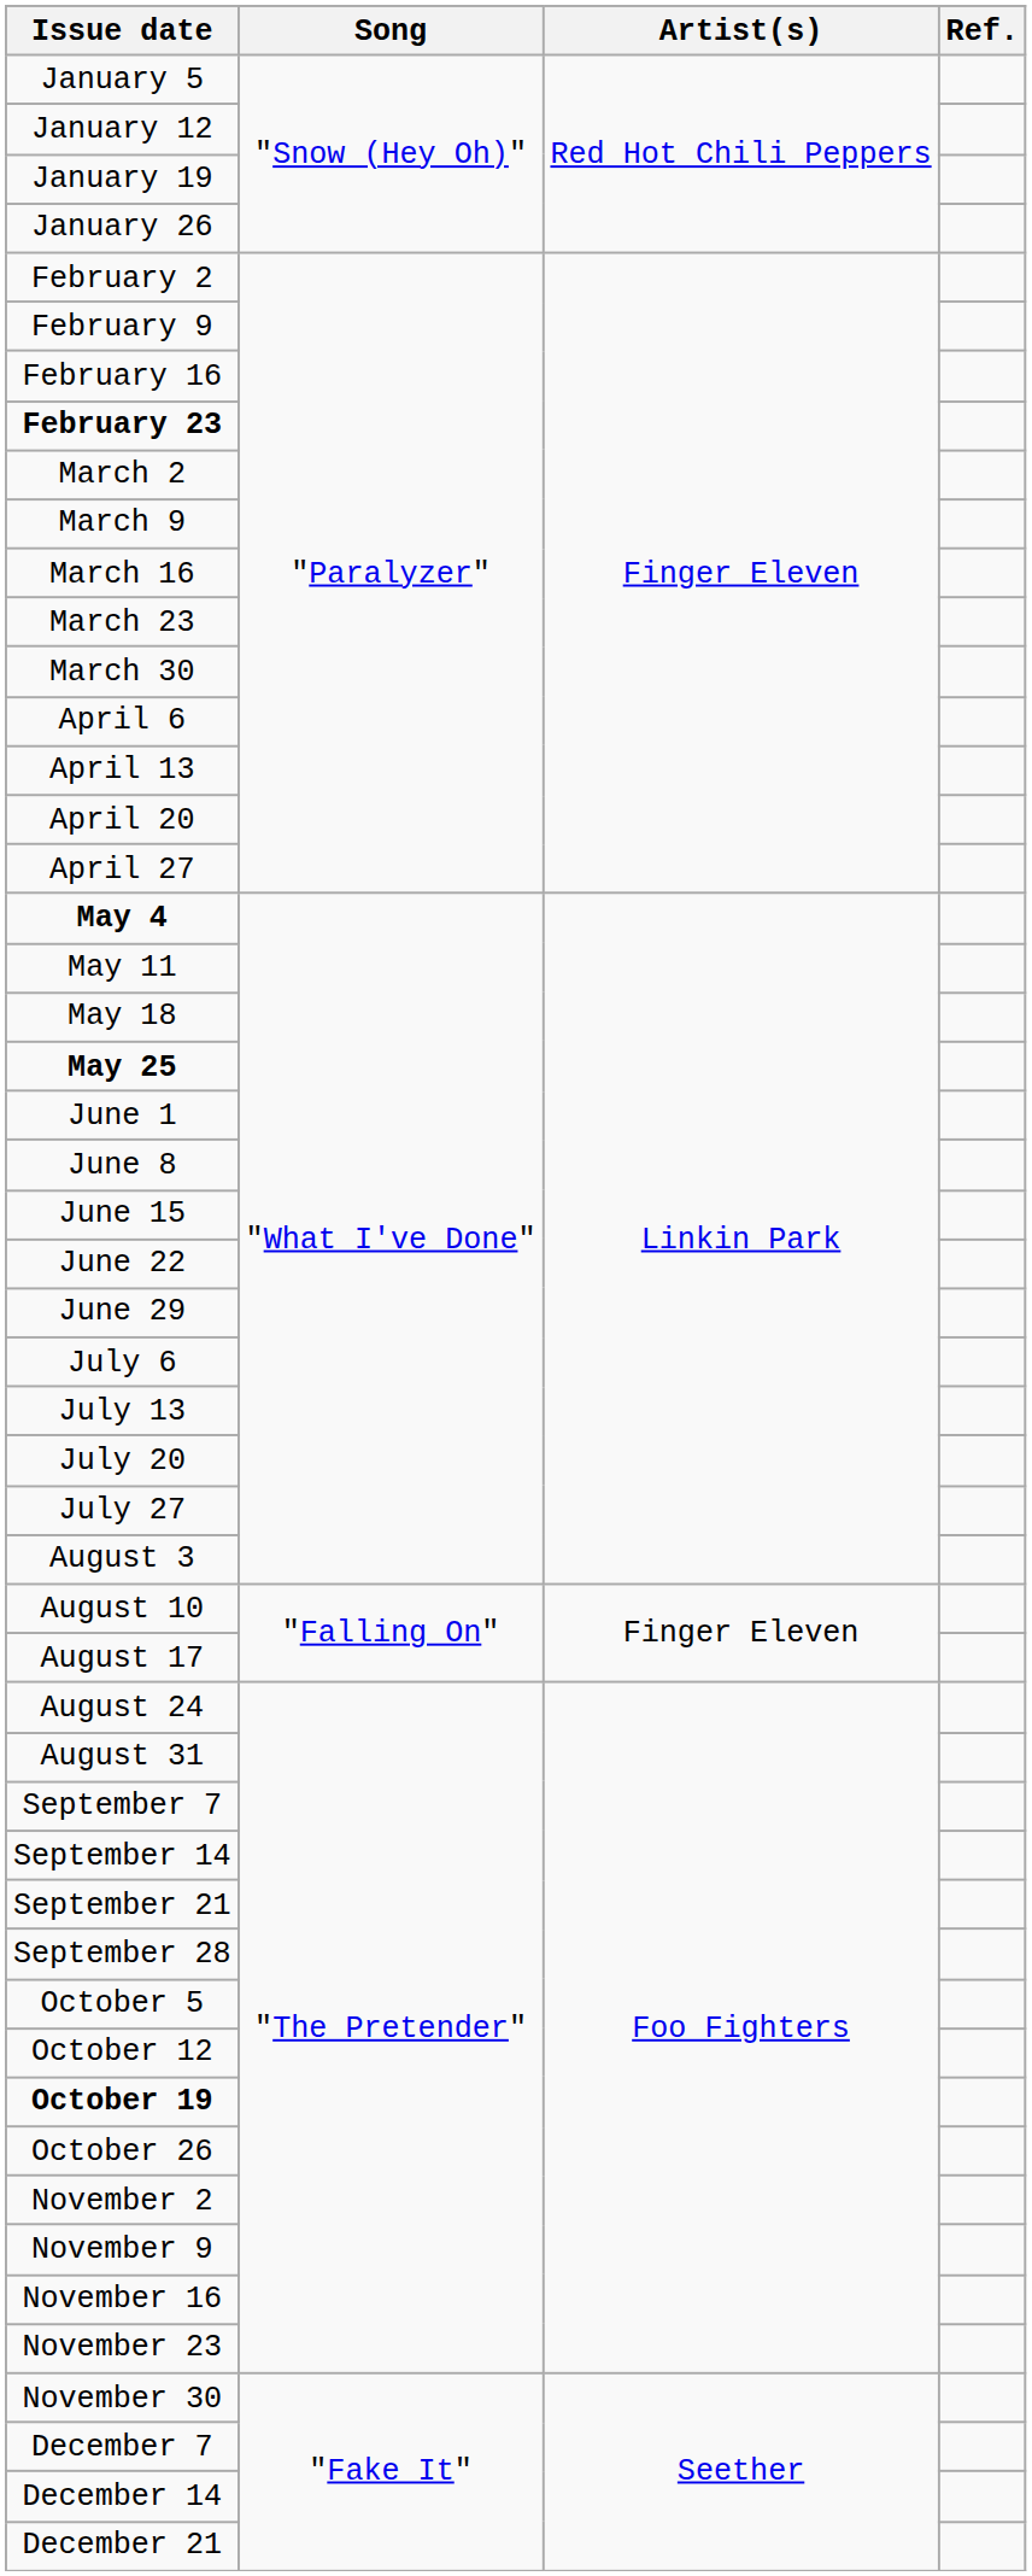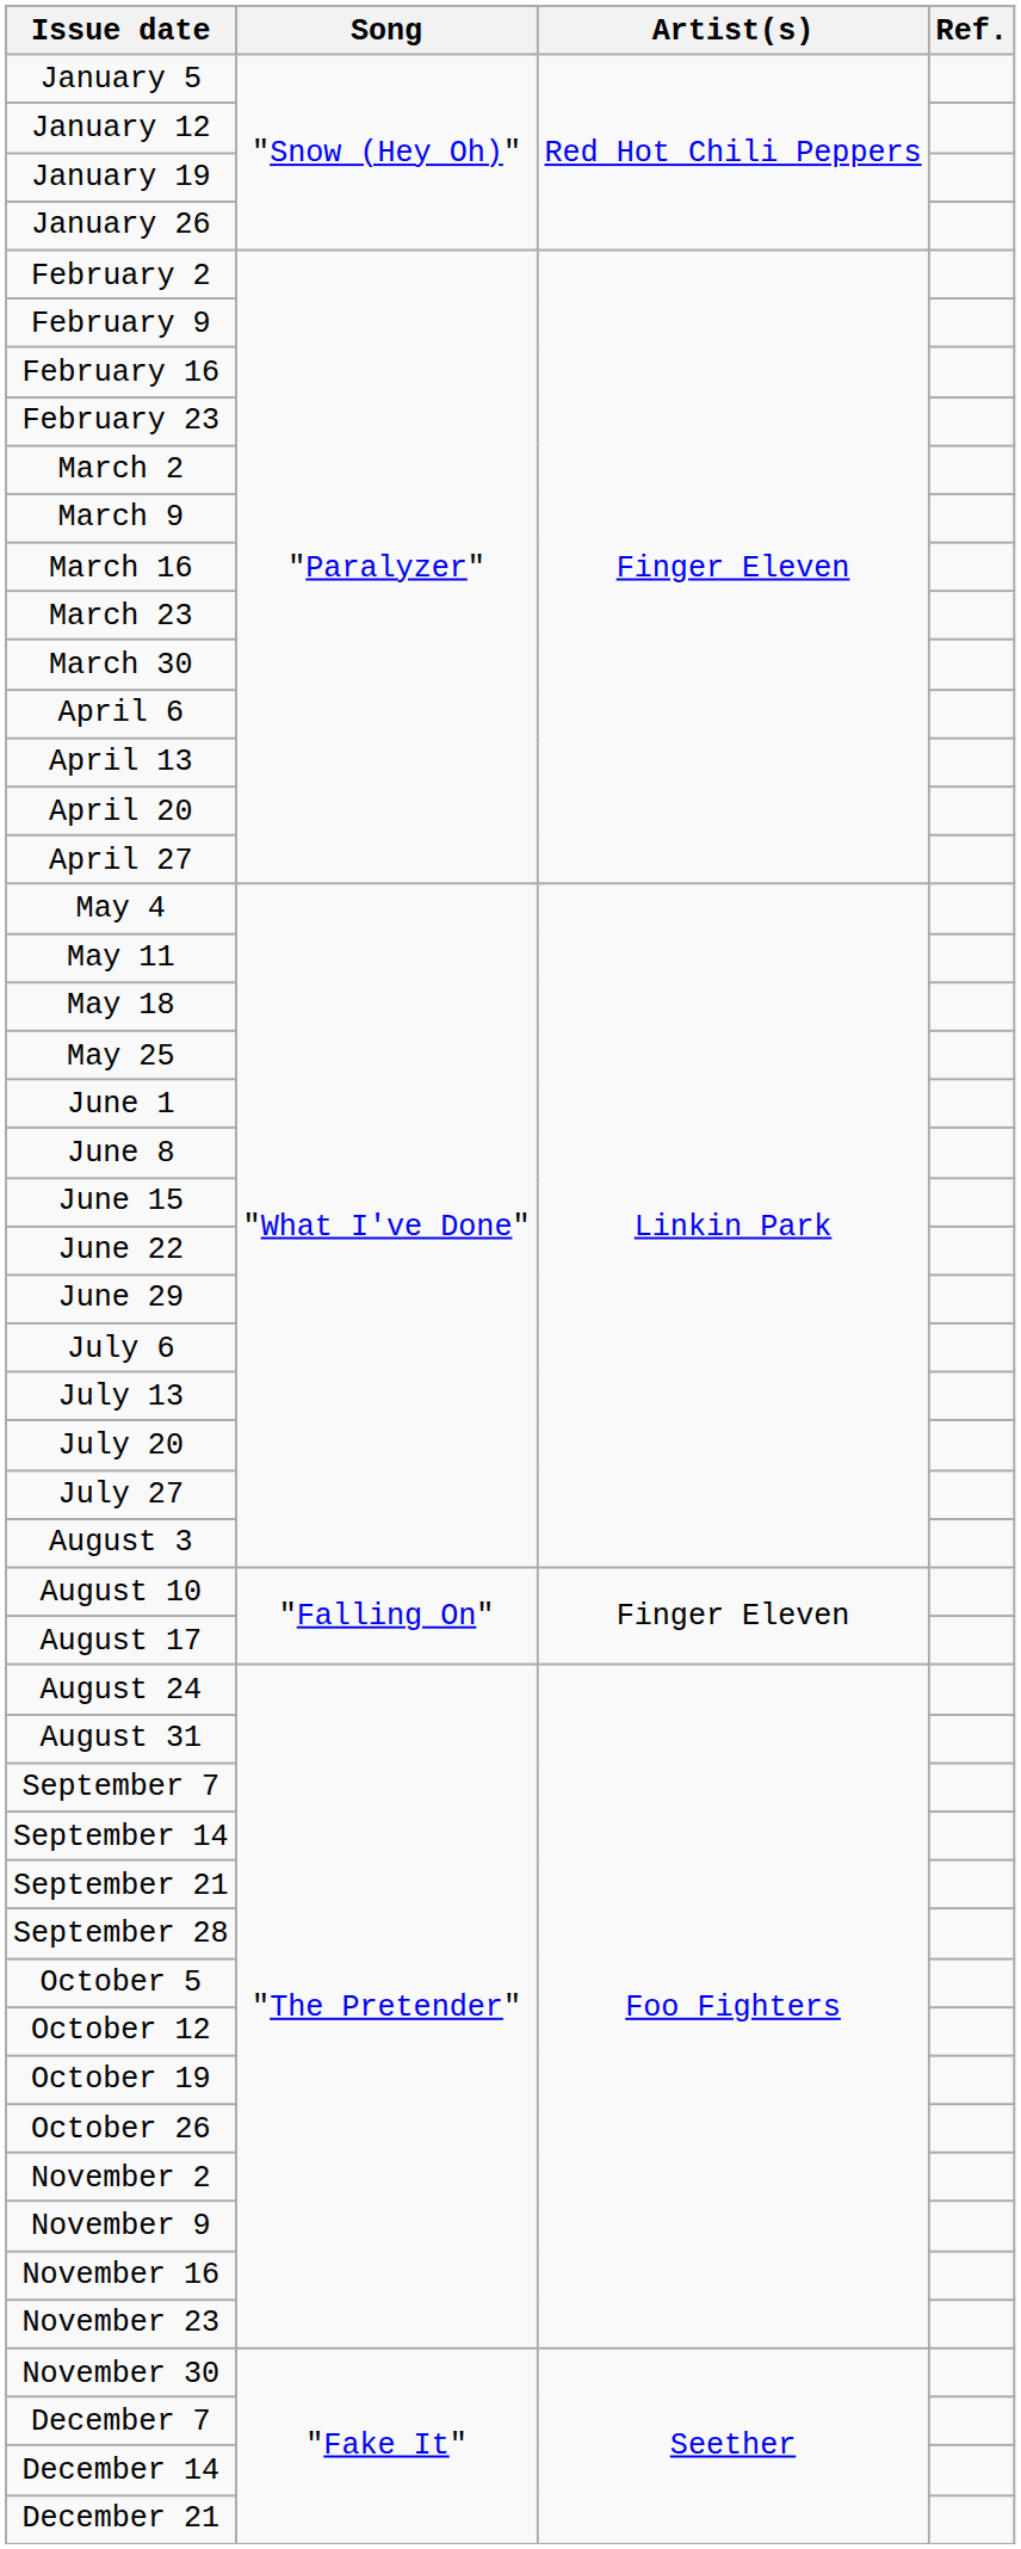 <table class="wikitable">
 <tr>
 <th align="center">Issue date</th>
 <th align="center">Song</th>
 <th align="center">Artist(s)</th>
 <th align="center">Ref.</th>
 </tr>
 <tr>
 <td align="center">January 5</td>
 <td align="center" rowspan="4">"<a href='#'>Snow (Hey Oh)</a>"</td>
 <td align="center" rowspan="4"><a href='#'>Red Hot Chili Peppers</a></td>
 <td></td>
 </tr>
 <tr>
 <td align="center">January 12</td>
 <td></td>
 </tr>
 <tr>
 <td align="center">January 19</td>
 <td></td>
 </tr>
 <tr>
 <td align="center">January 26</td>
 <td></td>
 </tr>
 <tr>
 <td align="center">February 2</td>
 <td align="center" rowspan="13">"<a href='#'>Paralyzer</a>"</td>
 <td align="center" rowspan="13"><a href='#'>Finger Eleven</a></td>
 <td></td>
 </tr>
 <tr>
 <td align="center">February 9</td>
 <td></td>
 </tr>
 <tr>
 <td align="center">February 16</td>
 <td></td>
 </tr>
 <tr>
-<td align="center"><strong>February 23</strong></td>
+<td align="center">February 23</td>
 <td></td>
 </tr>
 <tr>
 <td align="center">March 2</td>
 <td></td>
 </tr>
 <tr>
 <td align="center">March 9</td>
 <td></td>
 </tr>
 <tr>
 <td align="center">March 16</td>
 <td></td>
 </tr>
 <tr>
 <td align="center">March 23</td>
 <td></td>
 </tr>
 <tr>
 <td align="center">March 30</td>
 <td></td>
 </tr>
 <tr>
 <td align="center">April 6</td>
 <td></td>
 </tr>
 <tr>
 <td align="center">April 13</td>
 <td></td>
 </tr>
 <tr>
 <td align="center">April 20</td>
 <td></td>
 </tr>
 <tr>
 <td align="center">April 27</td>
 <td></td>
 </tr>
 <tr>
-<td align="center"><strong>May 4</strong></td>
+<td align="center">May 4</td>
 <td align="center" rowspan="14">"<a href='#'>What I've Done</a>"</td>
 <td align="center" rowspan="14"><a href='#'>Linkin Park</a></td>
 <td></td>
 </tr>
 <tr>
 <td align="center">May 11</td>
 <td></td>
 </tr>
 <tr>
 <td align="center">May 18</td>
 <td></td>
 </tr>
 <tr>
-<td align="center"><strong>May 25</strong></td>
+<td align="center">May 25</td>
 <td></td>
 </tr>
 <tr>
 <td align="center">June 1</td>
 <td></td>
 </tr>
 <tr>
 <td align="center">June 8</td>
 <td></td>
 </tr>
 <tr>
 <td align="center">June 15</td>
 <td></td>
 </tr>
 <tr>
 <td align="center">June 22</td>
 <td></td>
 </tr>
 <tr>
 <td align="center">June 29</td>
 <td></td>
 </tr>
 <tr>
 <td align="center">July 6</td>
 <td></td>
 </tr>
 <tr>
 <td align="center">July 13</td>
 <td></td>
 </tr>
 <tr>
 <td align="center">July 20</td>
 <td></td>
 </tr>
 <tr>
 <td align="center">July 27</td>
 <td></td>
 </tr>
 <tr>
 <td align="center">August 3</td>
 <td></td>
 </tr>
 <tr>
 <td align="center">August 10</td>
 <td align="center" rowspan="2">"<a href='#'>Falling On</a>"</td>
 <td align="center" rowspan="2">Finger Eleven</td>
 <td></td>
 </tr>
 <tr>
 <td align="center">August 17</td>
 <td></td>
 </tr>
 <tr>
 <td align="center">August 24</td>
 <td align="center" rowspan="14">"<a href='#'>The Pretender</a>"</td>
 <td align="center" rowspan="14"><a href='#'>Foo Fighters</a></td>
 <td></td>
 </tr>
 <tr>
 <td align="center">August 31</td>
 <td></td>
 </tr>
 <tr>
 <td align="center">September 7</td>
 <td></td>
 </tr>
 <tr>
 <td align="center">September 14</td>
 <td></td>
 </tr>
 <tr>
 <td align="center">September 21</td>
 <td></td>
 </tr>
 <tr>
 <td align="center">September 28</td>
 <td></td>
 </tr>
 <tr>
 <td align="center">October 5</td>
 <td></td>
 </tr>
 <tr>
 <td align="center">October 12</td>
 <td></td>
 </tr>
 <tr>
-<td align="center"><strong>October 19</strong></td>
+<td align="center">October 19</td>
 <td></td>
 </tr>
 <tr>
 <td align="center">October 26</td>
 <td></td>
 </tr>
 <tr>
 <td align="center">November 2</td>
 <td></td>
 </tr>
 <tr>
 <td align="center">November 9</td>
 <td></td>
 </tr>
 <tr>
 <td align="center">November 16</td>
 <td></td>
 </tr>
 <tr>
 <td align="center">November 23</td>
 <td></td>
 </tr>
 <tr>
 <td align="center">November 30</td>
 <td align="center" rowspan="4">"<a href='#'>Fake It</a>"</td>
 <td align="center" rowspan="4"><a href='#'>Seether</a></td>
 <td></td>
 </tr>
 <tr>
 <td align="center">December 7</td>
 <td></td>
 </tr>
 <tr>
 <td align="center">December 14</td>
 <td></td>
 </tr>
 <tr>
 <td align="center">December 21</td>
 <td></td>
 </tr>
 </table>
